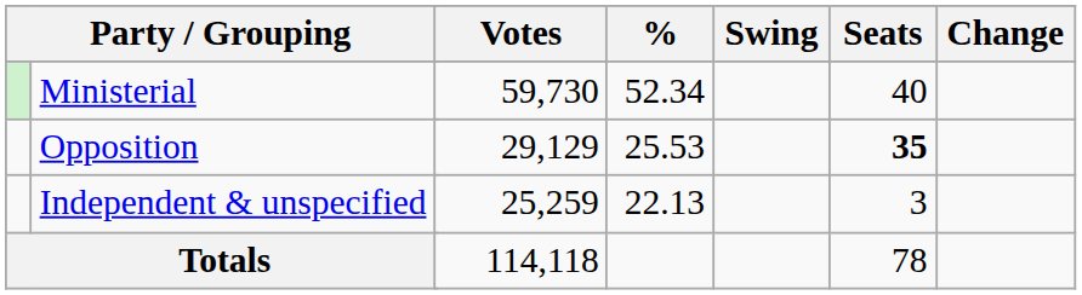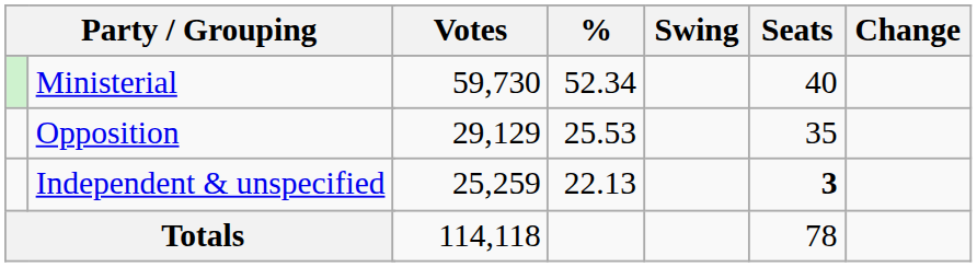 <table class="wikitable" style="text-align:right; margin-bottom:0">
 <tr>
 <th style="width:10px;" colspan=3>Party / Grouping</th>
 <th style="width:70px;">Votes</th>
 <th style="width:40px;">%</th>
 <th style="width:40px;">Swing</th>
 <th style="width:40px;">Seats</th>
 <th style="width:40px;">Change</th>
 </tr>
 <tr>
 <td style="text-align:left;background:#CEF2CE"> </td>
 <td style="text-align:left;" colspan="2"><a href='#'>Ministerial</a></td>
 <td style="width:70px;">59,730</td>
 <td style="width:40px;">52.34</td>
 <td style="width:45px;"></td>
 <td style="width:40px;">40</td>
 <td style="width:55px;"></td>
 </tr>
 <tr>
 <td> </td>
 <td style="text-align:left;" colspan="2"><a href='#'>Opposition</a></td>
 <td style="width:70px;">29,129</td>
 <td style="width:40px;">25.53</td>
 <td style="width:45px;"></td>
-<td style="width:40px;"><strong>35</strong></td>
+<td style="width:40px;">35</td>
 <td style="width:55px;"></td>
 </tr>
 <tr>
 <td> </td>
 <td style="text-align:left;" colspan="2"><a href='#'>Independent & unspecified</a></td>
 <td style="width:70px;">25,259</td>
 <td style="width:40px;">22.13</td>
 <td style="width:45px;"></td>
-<td style="width:40px;">3</td>
+<td style="width:40px;"><strong>3</strong></td>
 <td style="width:55px;"></td>
 </tr>
 <tr>
 <th colspan="3"> Totals</th>
 <td>114,118</td>
 <td></td>
 <td></td>
 <td>78</td>
 <td></td>
 </tr>
 </table>
